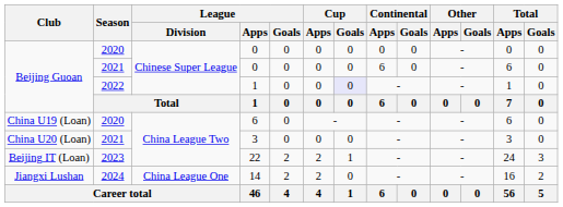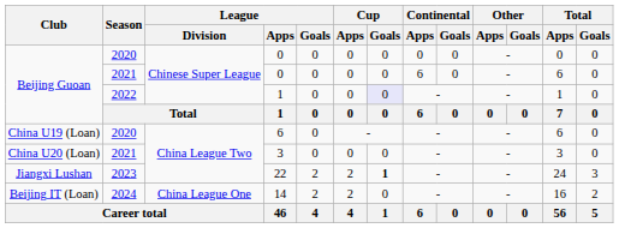 <table class="wikitable" style="text-align: center">
 <tr>
 <th rowspan="2">Club</th>
 <th rowspan="2">Season</th>
 <th colspan="3">League</th>
 <th colspan="2">Cup</th>
 <th colspan="2">Continental</th>
 <th colspan="2">Other</th>
 <th colspan="2">Total</th>
 </tr>
 <tr>
 <th>Division</th>
 <th>Apps</th>
 <th>Goals</th>
 <th>Apps</th>
 <th>Goals</th>
 <th>Apps</th>
 <th>Goals</th>
 <th>Apps</th>
 <th>Goals</th>
 <th>Apps</th>
 <th>Goals</th>
 </tr>
 <tr>
 <td rowspan="4"><a href='#'>Beijing Guoan</a></td>
 <td><a href='#'>2020</a></td>
 <td rowspan="3"><a href='#'>Chinese Super League</a></td>
 <td>0</td>
 <td>0</td>
 <td>0</td>
 <td>0</td>
 <td>0</td>
 <td>0</td>
 <td colspan="2">-</td>
 <td>0</td>
 <td>0</td>
 </tr>
 <tr>
 <td><a href='#'>2021</a></td>
 <td>0</td>
 <td>0</td>
 <td>0</td>
 <td>0</td>
 <td>6</td>
 <td>0</td>
 <td colspan="2">-</td>
 <td>6</td>
 <td>0</td>
 </tr>
 <tr>
 <td><a href='#'>2022</a></td>
 <td>1</td>
 <td>0</td>
 <td>0</td>
 <td style="background: lavender;">0</td>
 <td colspan="2">-</td>
 <td colspan="2">-</td>
 <td>1</td>
 <td>0</td>
 </tr>
 <tr>
 <th colspan=2>Total</th>
 <th>1</th>
 <th>0</th>
 <th>0</th>
 <th>0</th>
 <th>6</th>
 <th>0</th>
 <th>0</th>
 <th>0</th>
 <th>7</th>
 <th>0</th>
 </tr>
 <tr>
 <td><a href='#'>China U19</a> (Loan)</td>
 <td><a href='#'>2020</a></td>
 <td rowspan=3><a href='#'>China League Two</a></td>
 <td>6</td>
 <td>0</td>
 <td colspan="2">-</td>
 <td colspan="2">-</td>
 <td colspan="2">-</td>
 <td>6</td>
 <td>0</td>
 </tr>
 <tr>
 <td><a href='#'>China U20</a> (Loan)</td>
 <td><a href='#'>2021</a></td>
 <td>3</td>
 <td>0</td>
 <td>0</td>
 <td>0</td>
 <td colspan="2">-</td>
 <td colspan="2">-</td>
 <td>3</td>
 <td>0</td>
 </tr>
 <tr>
-<td><a href='#'>Beijing IT</a> (Loan)</td>
+<td><a href='#'>Jiangxi Lushan</a></td>
 <td><a href='#'>2023</a></td>
 <td>22</td>
 <td>2</td>
 <td>2</td>
-<td>1</td>
+<td><strong>1</strong></td>
 <td colspan="2">-</td>
 <td colspan="2">-</td>
 <td>24</td>
 <td>3</td>
 </tr>
 <tr>
-<td><a href='#'>Jiangxi Lushan</a></td>
+<td><a href='#'>Beijing IT</a> (Loan)</td>
 <td><a href='#'>2024</a></td>
 <td><a href='#'>China League One</a></td>
 <td>14</td>
 <td>2</td>
 <td>2</td>
 <td>0</td>
 <td colspan="2">-</td>
 <td colspan="2">-</td>
 <td>16</td>
 <td>2</td>
 </tr>
 <tr>
 <th colspan=3>Career total</th>
 <th>46</th>
 <th>4</th>
 <th>4</th>
 <th>1</th>
 <th>6</th>
 <th>0</th>
 <th>0</th>
 <th>0</th>
 <th>56</th>
 <th>5</th>
 </tr>
 </table>
